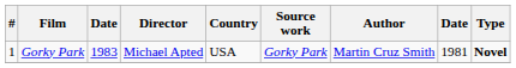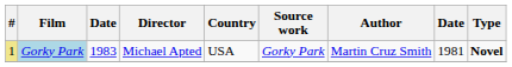 <table class="wikitable">
 <tr>
 <th>#</th>
 <th>Film</th>
 <th>Date</th>
 <th>Director</th>
 <th>Country</th>
 <th>Source<br>work</th>
 <th>Author</th>
 <th>Date</th>
 <th>Type</th>
 </tr>
 <tr>
-<td>1</td>
-<td><em><a href='#'>Gorky Park</a></em></td>
+<td style="background: khaki;">1</td>
+<td style="background: lightblue;"><em><a href='#'>Gorky Park</a></em></td>
 <td><a href='#'>1983</a></td>
 <td><a href='#'>Michael Apted</a></td>
 <td>USA</td>
 <td><em><a href='#'>Gorky Park</a></em></td>
 <td><a href='#'>Martin Cruz Smith</a></td>
 <td>1981</td>
 <td><strong>Novel</strong></td>
 </tr>
 <tr>
 </tr>
 </table>
